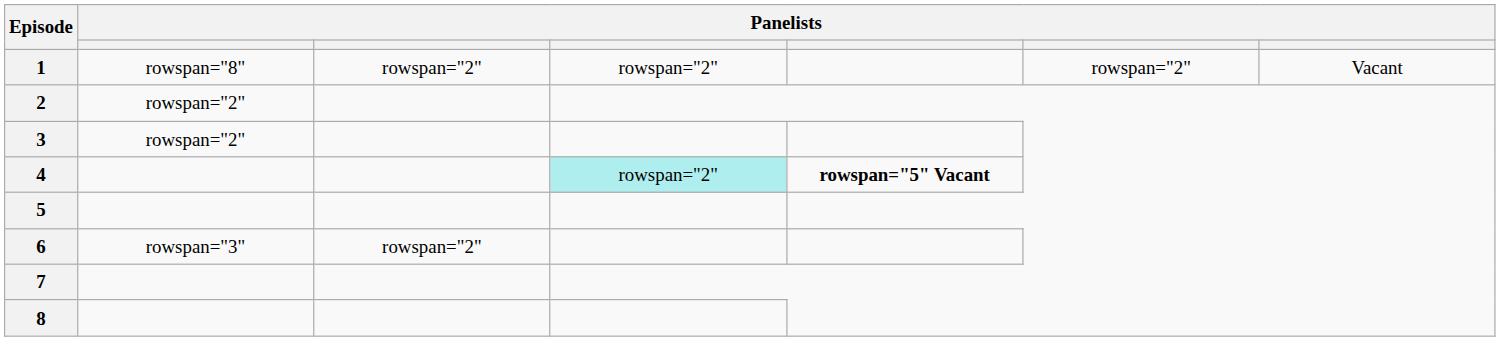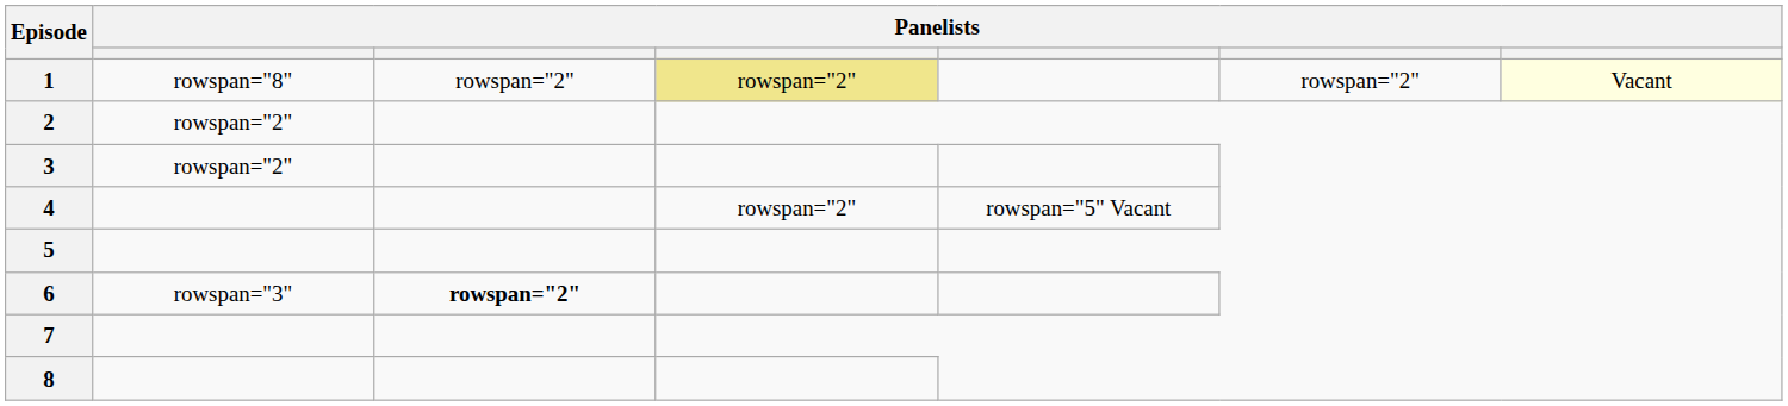 <table class="wikitable plainrowheaders mw-collapsible" style="text-align:center; line-height:23px; width:100%;">
 <tr>
 <th rowspan="2" width="1%">Episode</th>
 <th colspan="6">Panelists</th>
 </tr>
 <tr>
 <th width="16%"></th>
 <th width="16%"></th>
 <th width="16%"></th>
 <th width="16%"></th>
 <th width="16%"></th>
 <th width="16%"></th>
 </tr>
 <tr>
 <th>1</th>
 <td>rowspan="8" </td>
 <td>rowspan="2" </td>
-<td>rowspan="2" </td>
+<td style="background: khaki;">rowspan="2" </td>
 <td></td>
 <td>rowspan="2" </td>
-<td> Vacant</td>
+<td style="background: lightyellow;"> Vacant</td>
 </tr>
 <tr>
 <th>2</th>
 <td>rowspan="2"</td>
 <td></td>
 </tr>
 <tr>
 <th>3</th>
 <td>rowspan="2" </td>
 <td></td>
 <td></td>
 <td></td>
 </tr>
 <tr>
 <th>4</th>
 <td></td>
 <td></td>
-<td style="background: paleturquoise;">rowspan="2"</td>
-<td><strong>rowspan="5" Vacant</strong></td>
+<td>rowspan="2"</td>
+<td>rowspan="5" Vacant</td>
 </tr>
 <tr>
 <th>5</th>
 <td></td>
 <td></td>
 <td></td>
 </tr>
 <tr>
 <th>6</th>
 <td>rowspan="3"</td>
-<td>rowspan="2"</td>
+<td><strong>rowspan="2"</strong></td>
 <td></td>
 <td></td>
 </tr>
 <tr>
 <th>7</th>
 <td></td>
 <td></td>
 </tr>
 <tr>
 <th>8</th>
 <td></td>
 <td></td>
 <td></td>
 </tr>
 </table>
